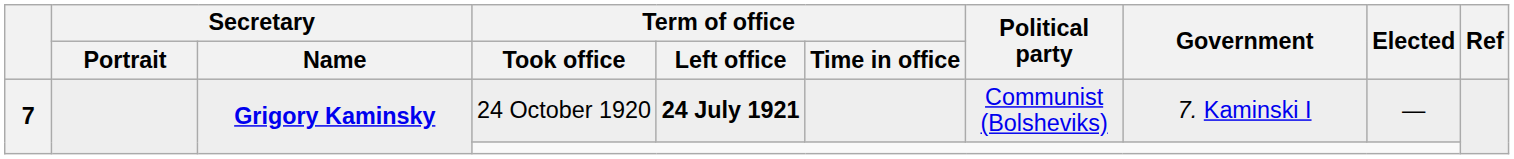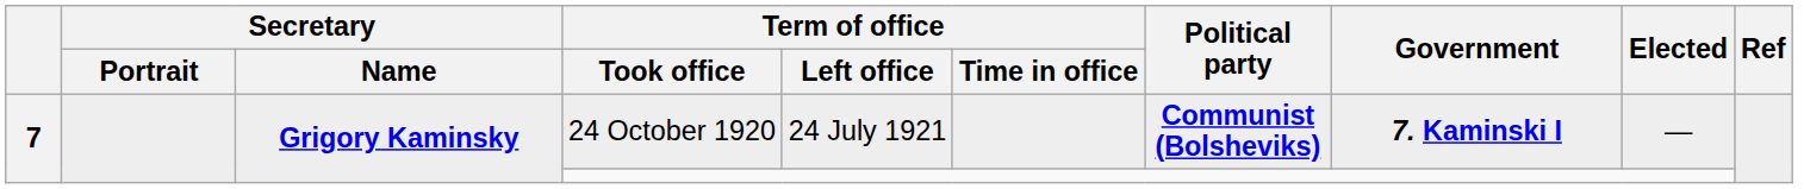 <table class="wikitable"  style="text-align:center">
 <tr>
 <th rowspan=2 style="width:25px;"></th>
 <th colspan=2 style="width:280px;">Secretary<br></th>
 <th colspan=3>Term of office</th>
 <th style="width:100px;" rowspan="2">Political party</th>
 <th style="width:160px;" rowspan="2">Government</th>
 <th rowspan=2>Elected</th>
 <th rowspan=2 style="width:20px;">Ref</th>
 </tr>
 <tr>
 <th>Portrait</th>
 <th width=180px>Name</th>
 <th>Took office</th>
 <th>Left office</th>
 <th>Time in office</th>
 </tr>
 <tr bgcolor=#EEEEEE>
 <th rowspan=2 style="background:">7</th>
 <td rowspan=2></td>
 <td rowspan=2><strong><a href='#'>Grigory Kaminsky</a></strong><br></td>
 <td>24 October 1920</td>
-<td><strong>24 July 1921</strong></td>
+<td>24 July 1921</td>
 <td><small></small></td>
-<td style="background:"><a href='#'><span>Communist <br> (Bolsheviks)</span></a></td>
-<td><em>7.</em> <a href='#'>Kaminski I</a></td>
+<td style="background:"><strong><a href='#'><span>Communist <br> (Bolsheviks)</span></a></strong></td>
+<td><strong><em>7.</em> <a href='#'>Kaminski I</a></strong></td>
 <td>—</td>
 <td rowspan=2></td>
 </tr>
 <tr>
 <td colspan=6 align=left width="200px"></td>
 </tr>
 </table>
